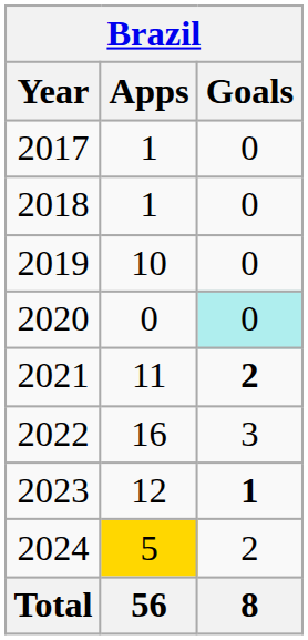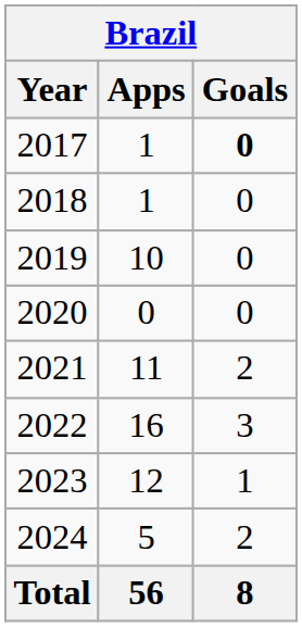 <table class="wikitable" style="text-align:center">
 <tr>
 <th colspan=3><a href='#'>Brazil</a></th>
 </tr>
 <tr>
 <th>Year</th>
 <th>Apps</th>
 <th>Goals</th>
 </tr>
 <tr>
 <td>2017</td>
 <td>1</td>
-<td>0</td>
+<td><strong>0</strong></td>
 </tr>
 <tr>
 <td>2018</td>
 <td>1</td>
 <td>0</td>
 </tr>
 <tr>
 <td>2019</td>
 <td>10</td>
 <td>0</td>
 </tr>
 <tr>
 <td>2020</td>
 <td>0</td>
-<td style="background: paleturquoise;">0</td>
+<td>0</td>
 </tr>
 <tr>
 <td>2021</td>
 <td>11</td>
-<td><strong>2</strong></td>
+<td>2</td>
 </tr>
 <tr>
 <td>2022</td>
 <td>16</td>
 <td>3</td>
 </tr>
 <tr>
 <td>2023</td>
 <td>12</td>
-<td><strong>1</strong></td>
+<td>1</td>
 </tr>
 <tr>
 <td>2024</td>
-<td style="background: gold;">5</td>
+<td>5</td>
 <td>2</td>
 </tr>
 <tr>
 <th>Total</th>
 <th>56</th>
 <th>8</th>
 </tr>
 </table>
